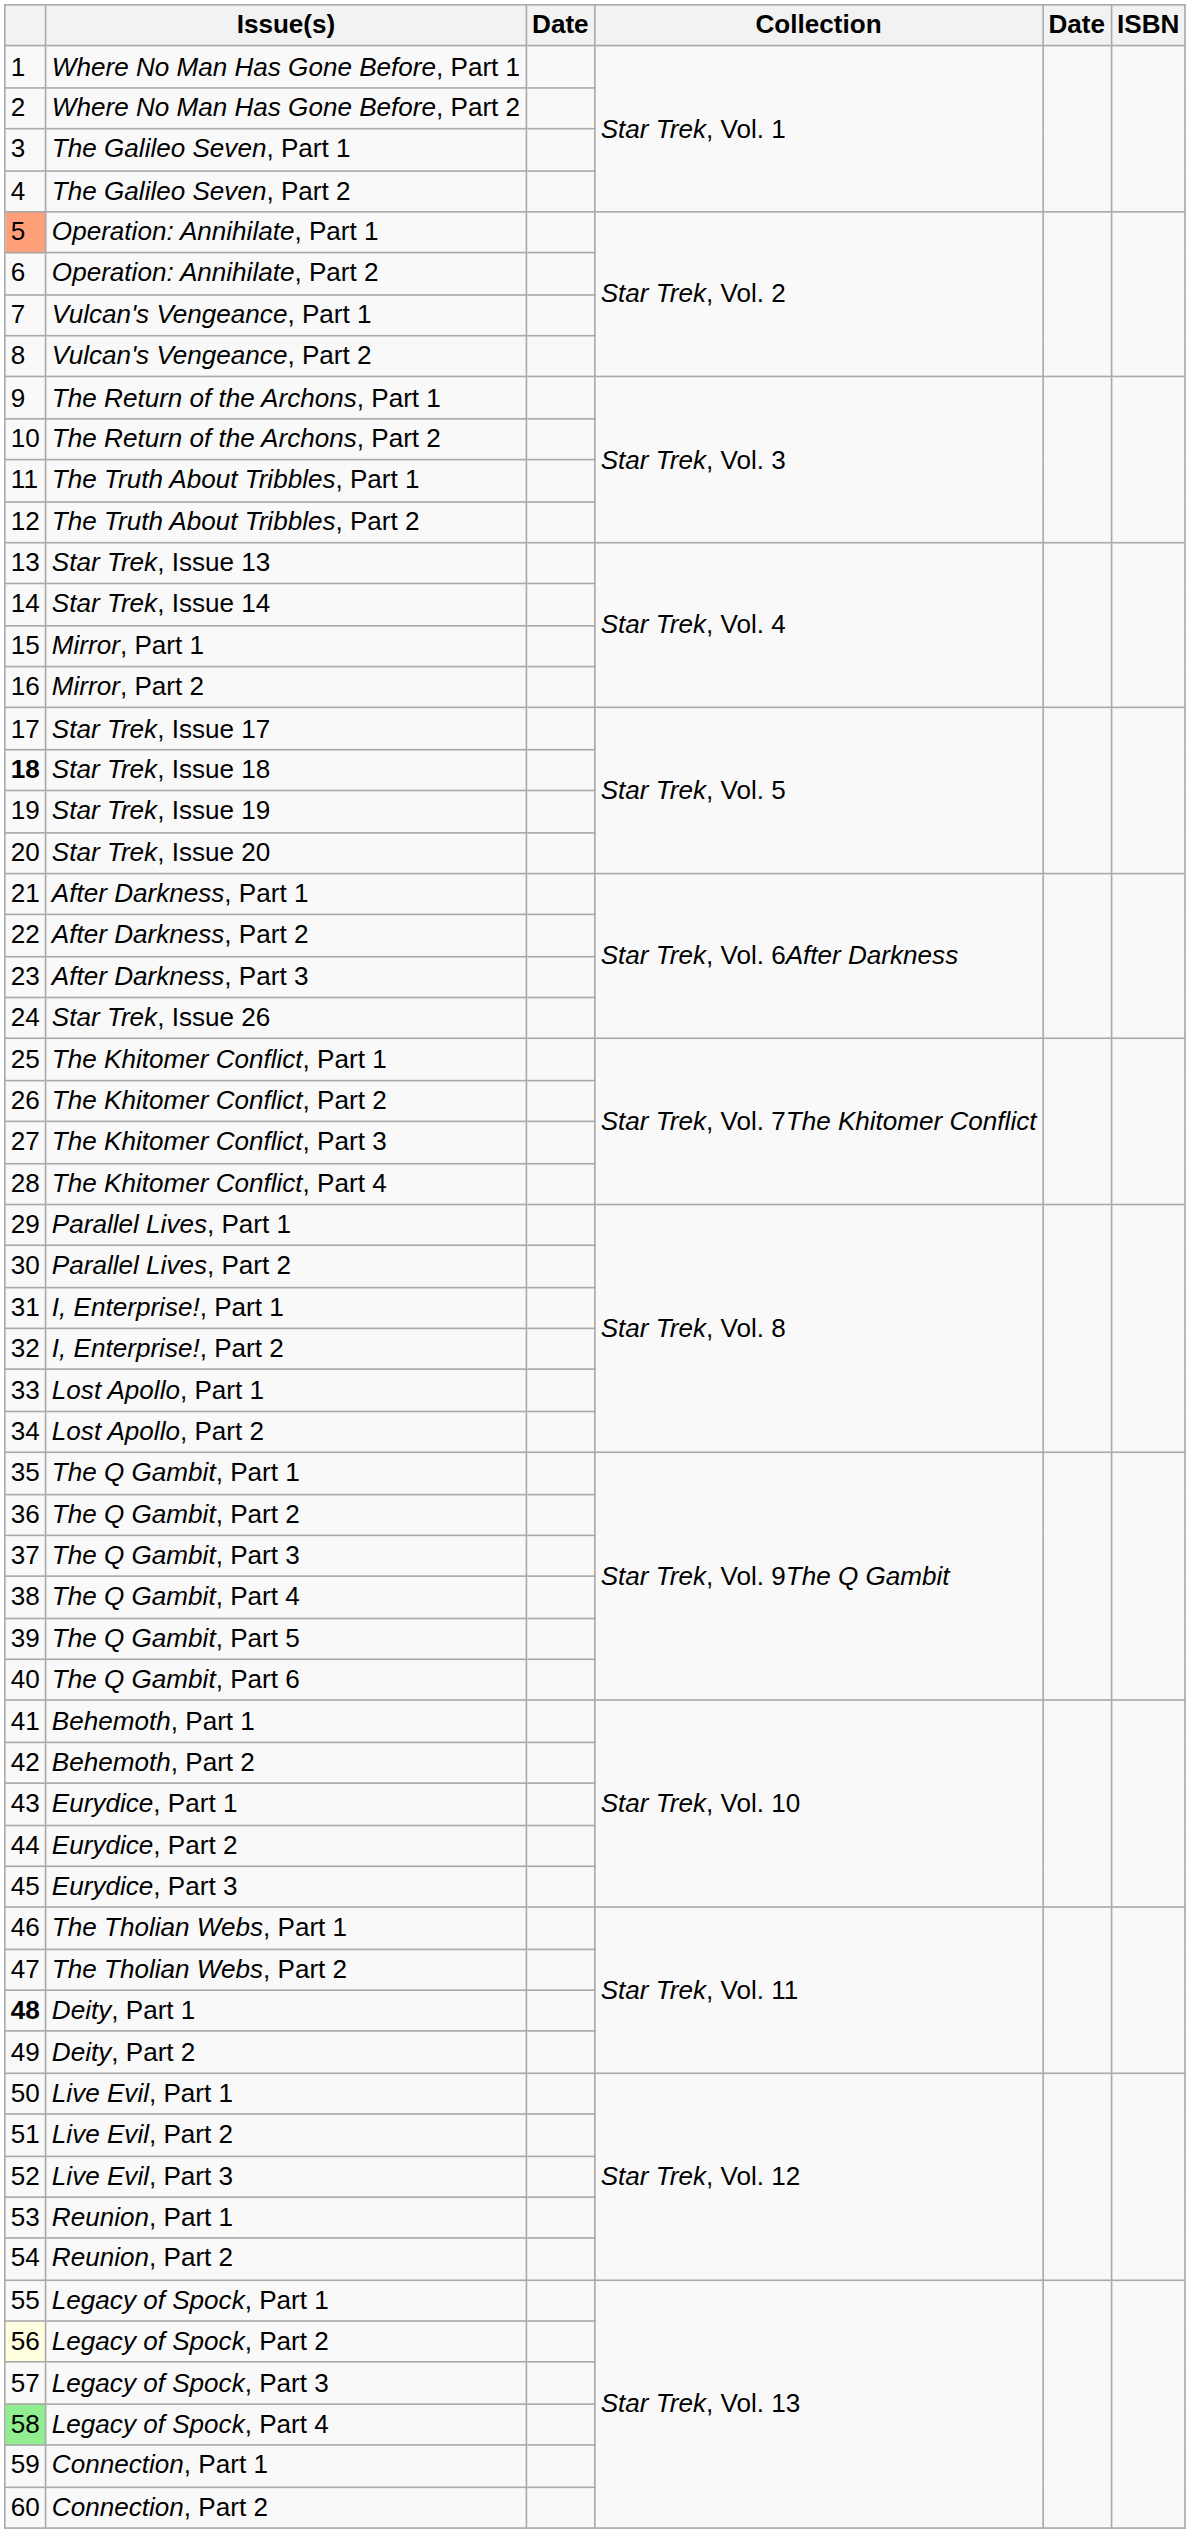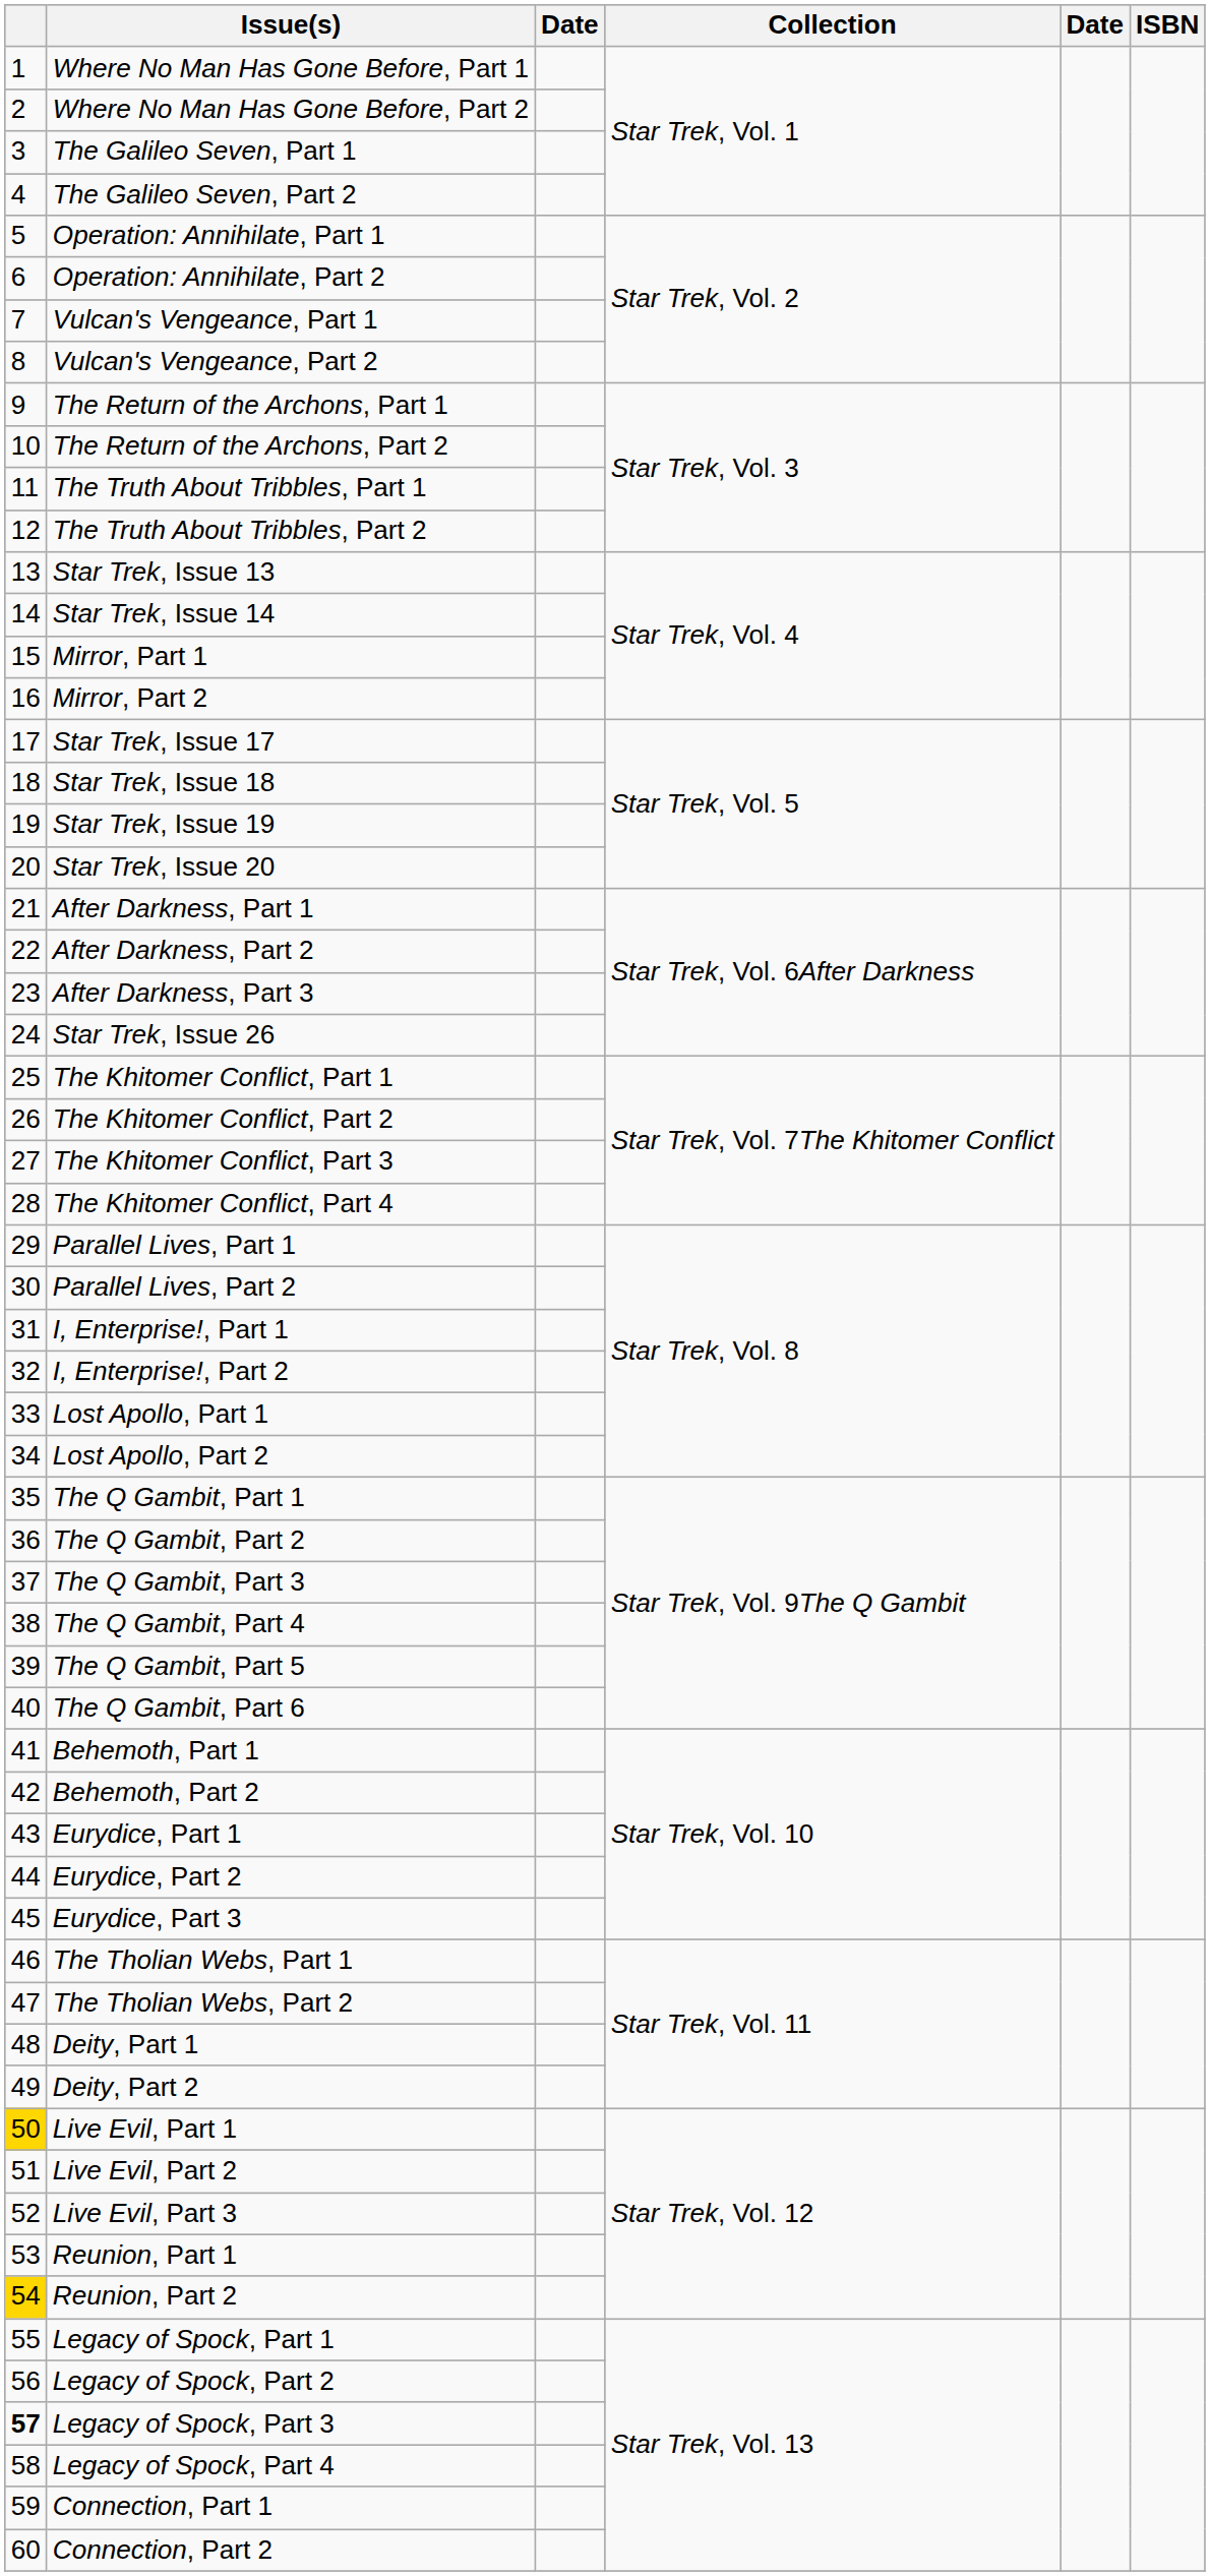 <table class="wikitable">
 <tr>
 <th></th>
 <th>Issue(s)</th>
 <th>Date</th>
 <th>Collection</th>
 <th>Date</th>
 <th>ISBN</th>
 </tr>
 <tr>
 <td>1</td>
 <td><em>Where No Man Has Gone Before</em>, Part 1</td>
 <td></td>
 <td rowspan="4"><em>Star Trek</em>, Vol. 1</td>
 <td rowspan="4"></td>
 <td rowspan="4"></td>
 </tr>
 <tr>
 <td>2</td>
 <td><em>Where No Man Has Gone Before</em>, Part 2</td>
 <td></td>
 </tr>
 <tr>
 <td>3</td>
 <td><em>The Galileo Seven</em>, Part 1</td>
 <td></td>
 </tr>
 <tr>
 <td>4</td>
 <td><em>The Galileo Seven</em>, Part 2</td>
 <td></td>
 </tr>
 <tr>
-<td style="background: lightsalmon;">5</td>
+<td>5</td>
 <td><em>Operation: Annihilate</em>, Part 1</td>
 <td></td>
 <td rowspan="4"><em>Star Trek</em>, Vol. 2</td>
 <td rowspan="4"></td>
 <td rowspan="4"></td>
 </tr>
 <tr>
 <td>6</td>
 <td><em>Operation: Annihilate</em>, Part 2</td>
 <td></td>
 </tr>
 <tr>
 <td>7</td>
 <td><em>Vulcan's Vengeance</em>, Part 1</td>
 <td></td>
 </tr>
 <tr>
 <td>8</td>
 <td><em>Vulcan's Vengeance</em>, Part 2</td>
 <td></td>
 </tr>
 <tr>
 <td>9</td>
 <td><em>The Return of the Archons</em>, Part 1</td>
 <td></td>
 <td rowspan="4"><em>Star Trek</em>, Vol. 3</td>
 <td rowspan="4"></td>
 <td rowspan="4"></td>
 </tr>
 <tr>
 <td>10</td>
 <td><em>The Return of the Archons</em>, Part 2</td>
 <td></td>
 </tr>
 <tr>
 <td>11</td>
 <td><em>The Truth About Tribbles</em>, Part 1</td>
 <td></td>
 </tr>
 <tr>
 <td>12</td>
 <td><em>The Truth About Tribbles</em>, Part 2</td>
 <td></td>
 </tr>
 <tr>
 <td>13</td>
 <td><em>Star Trek</em>, Issue 13</td>
 <td></td>
 <td rowspan="4"><em>Star Trek</em>, Vol. 4</td>
 <td rowspan="4"></td>
 <td rowspan="4"></td>
 </tr>
 <tr>
 <td>14</td>
 <td><em>Star Trek</em>, Issue 14</td>
 <td></td>
 </tr>
 <tr>
 <td>15</td>
 <td><em>Mirror</em>, Part 1</td>
 <td></td>
 </tr>
 <tr>
 <td>16</td>
 <td><em>Mirror</em>, Part 2</td>
 <td></td>
 </tr>
 <tr>
 <td>17</td>
 <td><em>Star Trek</em>, Issue 17</td>
 <td></td>
 <td rowspan="4"><em>Star Trek</em>, Vol. 5</td>
 <td rowspan="4"></td>
 <td rowspan="4"></td>
 </tr>
 <tr>
-<td><strong>18</strong></td>
+<td>18</td>
 <td><em>Star Trek</em>, Issue 18</td>
 <td></td>
 </tr>
 <tr>
 <td>19</td>
 <td><em>Star Trek</em>, Issue 19</td>
 <td></td>
 </tr>
 <tr>
 <td>20</td>
 <td><em>Star Trek</em>, Issue 20</td>
 <td></td>
 </tr>
 <tr>
 <td>21</td>
 <td><em>After Darkness</em>, Part 1</td>
 <td></td>
 <td rowspan="4"><em>Star Trek</em>, Vol. 6<em>After Darkness</em></td>
 <td rowspan="4"></td>
 <td rowspan="4"></td>
 </tr>
 <tr>
 <td>22</td>
 <td><em>After Darkness</em>, Part 2</td>
 <td></td>
 </tr>
 <tr>
 <td>23</td>
 <td><em>After Darkness</em>, Part 3</td>
 <td></td>
 </tr>
 <tr>
 <td>24</td>
 <td><em>Star Trek</em>, Issue 26</td>
 <td></td>
 </tr>
 <tr>
 <td>25</td>
 <td><em>The Khitomer Conflict</em>, Part 1</td>
 <td></td>
 <td rowspan="4"><em>Star Trek</em>, Vol. 7<em>The Khitomer Conflict</em></td>
 <td rowspan="4"></td>
 <td rowspan="4"></td>
 </tr>
 <tr>
 <td>26</td>
 <td><em>The Khitomer Conflict</em>, Part 2</td>
 <td></td>
 </tr>
 <tr>
 <td>27</td>
 <td><em>The Khitomer Conflict</em>, Part 3</td>
 <td></td>
 </tr>
 <tr>
 <td>28</td>
 <td><em>The Khitomer Conflict</em>, Part 4</td>
 <td></td>
 </tr>
 <tr>
 <td>29</td>
 <td><em>Parallel Lives</em>, Part 1</td>
 <td></td>
 <td rowspan="6"><em>Star Trek</em>, Vol. 8</td>
 <td rowspan="6"></td>
 <td rowspan="6"></td>
 </tr>
 <tr>
 <td>30</td>
 <td><em>Parallel Lives</em>, Part 2</td>
 <td></td>
 </tr>
 <tr>
 <td>31</td>
 <td><em>I, Enterprise!</em>, Part 1</td>
 <td></td>
 </tr>
 <tr>
 <td>32</td>
 <td><em>I, Enterprise!</em>, Part 2</td>
 <td></td>
 </tr>
 <tr>
 <td>33</td>
 <td><em>Lost Apollo</em>, Part 1</td>
 <td></td>
 </tr>
 <tr>
 <td>34</td>
 <td><em>Lost Apollo</em>, Part 2</td>
 <td></td>
 </tr>
 <tr>
 <td>35</td>
 <td><em>The Q Gambit</em>, Part 1</td>
 <td></td>
 <td rowspan="6"><em>Star Trek</em>, Vol. 9<em>The Q Gambit</em></td>
 <td rowspan="6"></td>
 <td rowspan="6"></td>
 </tr>
 <tr>
 <td>36</td>
 <td><em>The Q Gambit</em>, Part 2</td>
 <td></td>
 </tr>
 <tr>
 <td>37</td>
 <td><em>The Q Gambit</em>, Part 3</td>
 <td></td>
 </tr>
 <tr>
 <td>38</td>
 <td><em>The Q Gambit</em>, Part 4</td>
 <td></td>
 </tr>
 <tr>
 <td>39</td>
 <td><em>The Q Gambit</em>, Part 5</td>
 <td></td>
 </tr>
 <tr>
 <td>40</td>
 <td><em>The Q Gambit</em>, Part 6</td>
 <td></td>
 </tr>
 <tr>
 <td>41</td>
 <td><em>Behemoth</em>, Part 1</td>
 <td></td>
 <td rowspan="5"><em>Star Trek</em>, Vol. 10</td>
 <td rowspan="5"></td>
 <td rowspan="5"></td>
 </tr>
 <tr>
 <td>42</td>
 <td><em>Behemoth</em>, Part 2</td>
 <td></td>
 </tr>
 <tr>
 <td>43</td>
 <td><em>Eurydice</em>, Part 1</td>
 <td></td>
 </tr>
 <tr>
 <td>44</td>
 <td><em>Eurydice</em>, Part 2</td>
 <td></td>
 </tr>
 <tr>
 <td>45</td>
 <td><em>Eurydice</em>, Part 3</td>
 <td></td>
 </tr>
 <tr>
 <td>46</td>
 <td><em>The Tholian Webs</em>, Part 1</td>
 <td></td>
 <td rowspan="4"><em>Star Trek</em>, Vol. 11</td>
 <td rowspan="4"></td>
 <td rowspan="4"></td>
 </tr>
 <tr>
 <td>47</td>
 <td><em>The Tholian Webs</em>, Part 2</td>
 <td></td>
 </tr>
 <tr>
-<td><strong>48</strong></td>
+<td>48</td>
 <td><em>Deity</em>, Part 1</td>
 <td></td>
 </tr>
 <tr>
 <td>49</td>
 <td><em>Deity</em>, Part 2</td>
 <td></td>
 </tr>
 <tr>
-<td>50</td>
+<td style="background: gold;">50</td>
 <td><em>Live Evil</em>, Part 1</td>
 <td></td>
 <td rowspan="5"><em>Star Trek</em>, Vol. 12</td>
 <td rowspan="5"></td>
 <td rowspan="5"></td>
 </tr>
 <tr>
 <td>51</td>
 <td><em>Live Evil</em>, Part 2</td>
 <td></td>
 </tr>
 <tr>
 <td>52</td>
 <td><em>Live Evil</em>, Part 3</td>
 <td></td>
 </tr>
 <tr>
 <td>53</td>
 <td><em>Reunion</em>, Part 1</td>
 <td></td>
 </tr>
 <tr>
-<td>54</td>
+<td style="background: gold;">54</td>
 <td><em>Reunion</em>, Part 2</td>
 <td></td>
 </tr>
 <tr>
 <td>55</td>
 <td><em>Legacy of Spock</em>, Part 1</td>
 <td></td>
 <td rowspan="6"><em>Star Trek</em>, Vol. 13</td>
 <td rowspan="6"></td>
 <td rowspan="6"></td>
 </tr>
 <tr>
-<td style="background: lightyellow;">56</td>
+<td>56</td>
 <td><em>Legacy of Spock</em>, Part 2</td>
 <td></td>
 </tr>
 <tr>
-<td>57</td>
+<td><strong>57</strong></td>
 <td><em>Legacy of Spock</em>, Part 3</td>
 <td></td>
 </tr>
 <tr>
-<td style="background: lightgreen;">58</td>
+<td>58</td>
 <td><em>Legacy of Spock</em>, Part 4</td>
 <td></td>
 </tr>
 <tr>
 <td>59</td>
 <td><em>Connection</em>, Part 1</td>
 <td></td>
 </tr>
 <tr>
 <td>60</td>
 <td><em>Connection</em>, Part 2</td>
 <td></td>
 </tr>
 </table>
